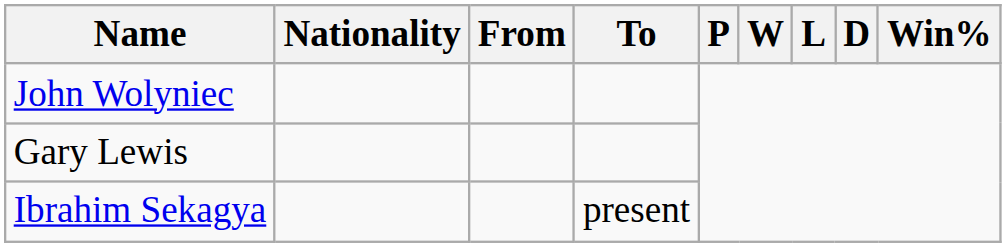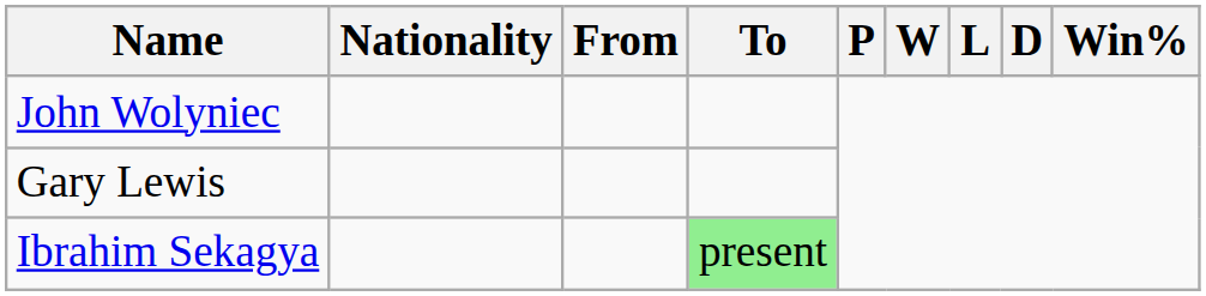 <table class="wikitable plainrowheaders sortable" style="text-align:center">
 <tr>
 <th>Name</th>
 <th>Nationality</th>
 <th>From</th>
 <th class="unsortable">To</th>
 <th>P</th>
 <th>W</th>
 <th>L</th>
 <th>D</th>
 <th>Win%</th>
 </tr>
 <tr>
 <td scope=row style=text-align:left><a href='#'>John Wolyniec</a></td>
 <td align=left></td>
 <td align=left></td>
 <td align=left><br></td>
 </tr>
 <tr>
 <td scope=row style=text-align:left>Gary Lewis</td>
 <td align=left></td>
 <td align=left></td>
 <td align=left><br></td>
 </tr>
 <tr>
 <td scope=row style=text-align:left><a href='#'>Ibrahim Sekagya</a></td>
 <td align=left></td>
 <td align=left></td>
-<td align=left>present<br></td>
+<td align=left style="background: lightgreen;">present<br></td>
 </tr>
 </table>
